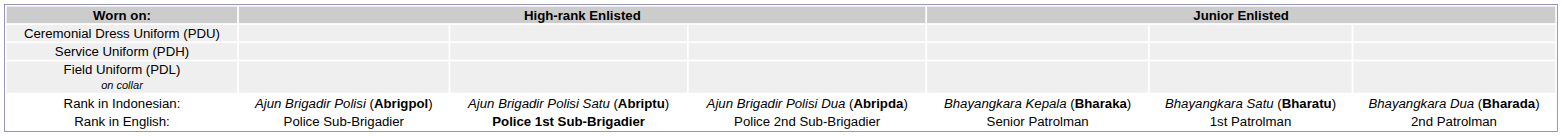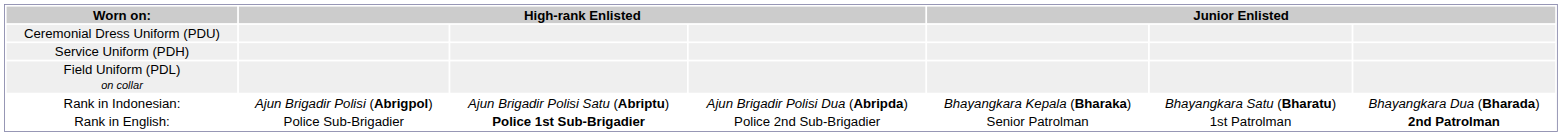 <table style="width:90%; border:1px solid #8888aa; background:#fff; padding:0; font-size:95%; margin:0 12px 12px 0; text-align:center;">
 <tr style="background:#ccc;">
 <th>Worn on:</th>
 <th colspan="3">High-rank Enlisted</th>
 <th colspan="6">Junior Enlisted</th>
 </tr>
 <tr style="background:#efefef;">
 <td>Ceremonial Dress Uniform (PDU)</td>
 <td></td>
 <td></td>
 <td></td>
 <td></td>
 <td></td>
 <td></td>
 </tr>
 <tr style="background:#efefef;">
 <td>Service Uniform (PDH)</td>
 <td></td>
 <td></td>
 <td></td>
 <td></td>
 <td></td>
 <td></td>
 </tr>
 <tr style="background:#efefef;">
 <td>Field Uniform (PDL)<br><small><em>on collar</em></small></td>
 <td></td>
 <td></td>
 <td></td>
 <td></td>
 <td></td>
 <td></td>
 </tr>
 <tr>
 <td>Rank in Indonesian:</td>
 <td><em>Ajun Brigadir Polisi</em> (<strong>Abrigpol</strong>)</td>
 <td><em>Ajun Brigadir Polisi Satu</em> (<strong>Abriptu</strong>)</td>
 <td><em>Ajun Brigadir Polisi Dua</em> (<strong>Abripda</strong>)</td>
 <td><em>Bhayangkara Kepala</em> (<strong>Bharaka</strong>)</td>
 <td><em>Bhayangkara Satu</em> (<strong>Bharatu</strong>)</td>
 <td><em>Bhayangkara Dua</em> (<strong>Bharada</strong>)</td>
 </tr>
 <tr>
 <td>Rank in English:</td>
 <td>Police Sub-Brigadier</td>
 <td><strong>Police 1st Sub-Brigadier</strong></td>
 <td>Police 2nd Sub-Brigadier</td>
 <td>Senior Patrolman</td>
 <td>1st Patrolman</td>
-<td>2nd Patrolman</td>
+<td><strong>2nd Patrolman</strong></td>
 </tr>
 </table>
